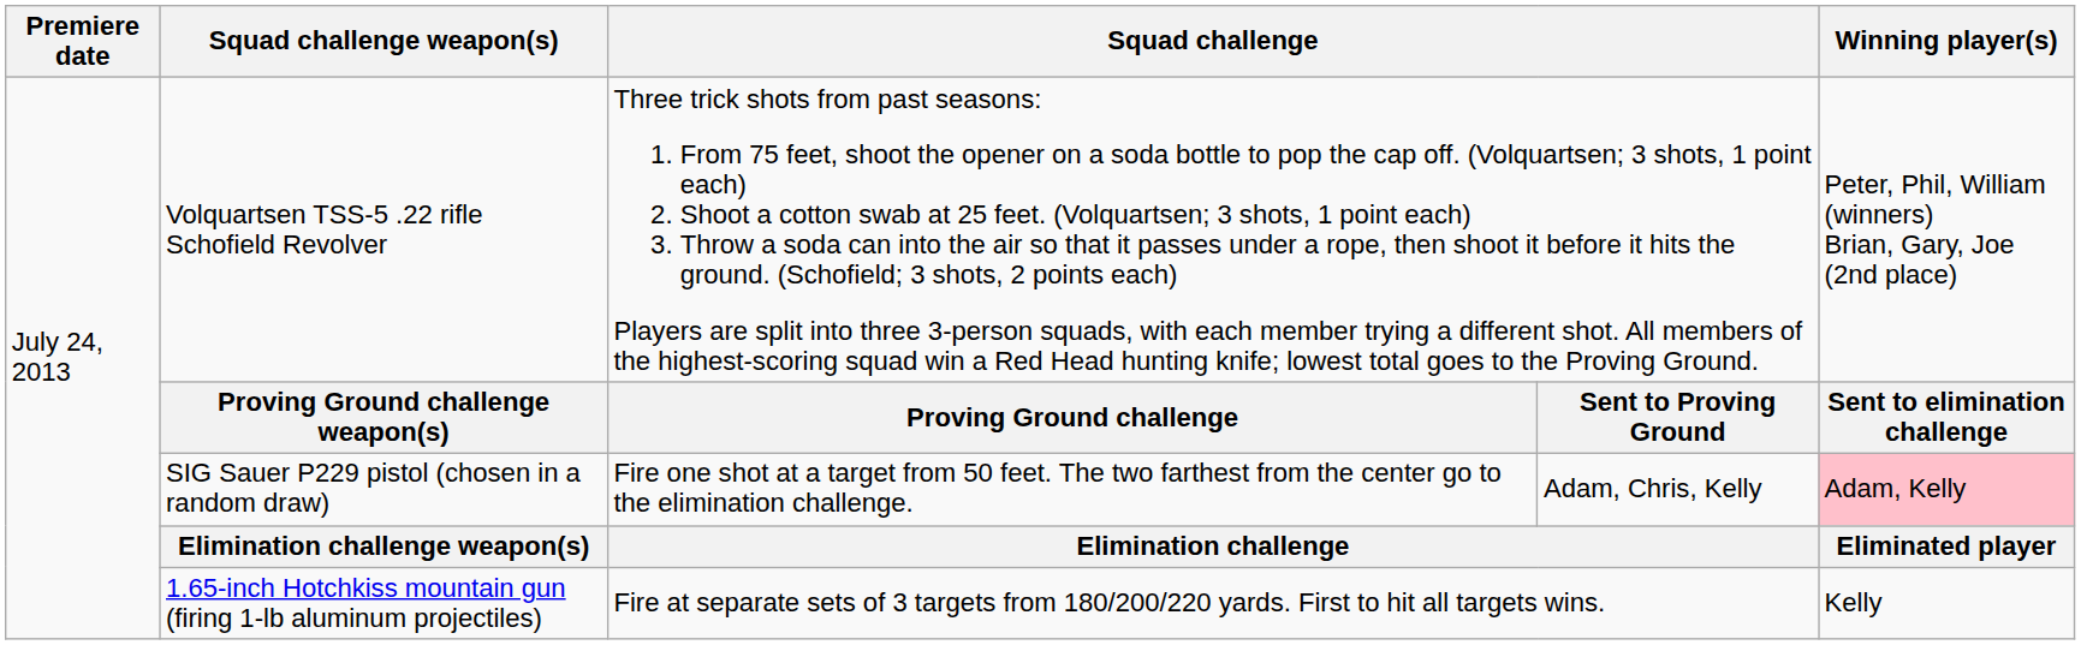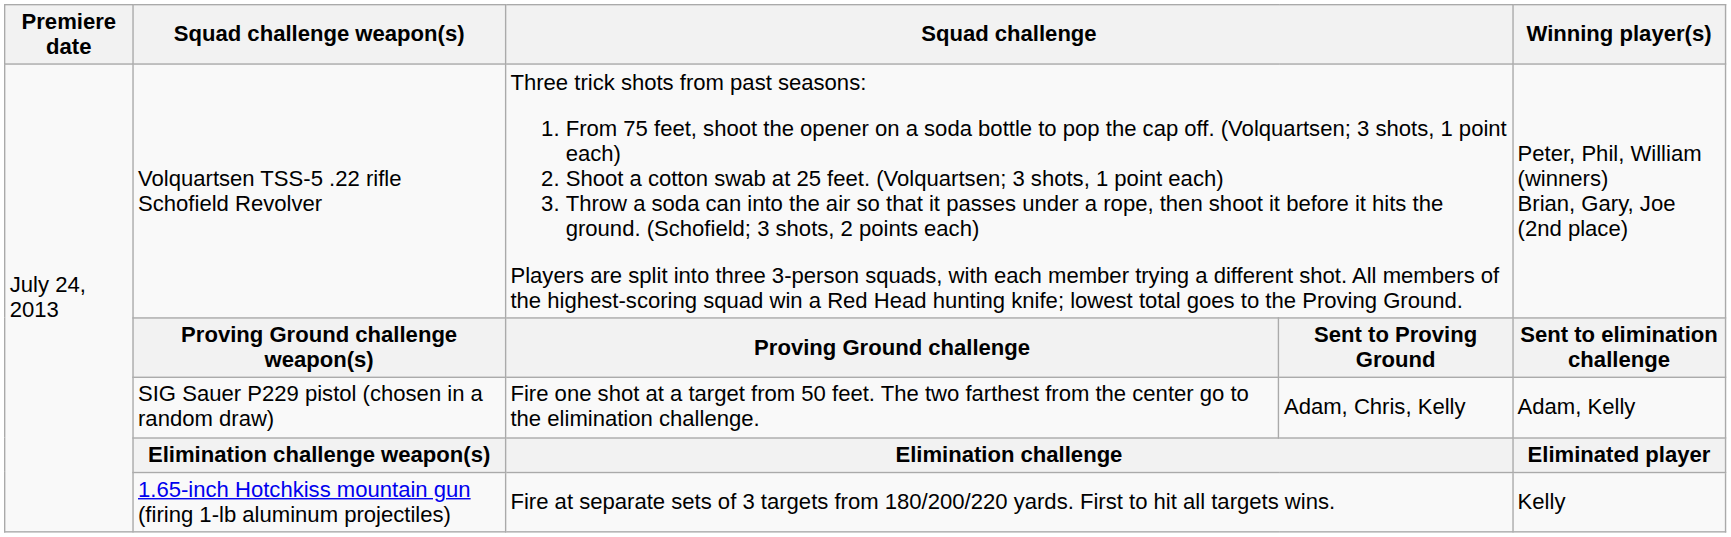 <table class="wikitable">
 <tr>
 <th>Premiere date</th>
 <th>Squad challenge weapon(s)</th>
 <th colspan="2">Squad challenge</th>
 <th>Winning player(s)</th>
 </tr>
 <tr>
 <td rowspan="5">July 24, 2013</td>
 <td>Volquartsen TSS-5 .22 rifle<br>Schofield Revolver</td>
 <td colspan="2">Three trick shots from past seasons:<br><ol><li>From 75 feet, shoot the opener on a soda bottle to pop the cap off. (Volquartsen; 3 shots, 1 point each)</li><li>Shoot a cotton swab at 25 feet. (Volquartsen; 3 shots, 1 point each)</li><li>Throw a soda can into the air so that it passes under a rope, then shoot it before it hits the ground. (Schofield; 3 shots, 2 points each)</li></ol>Players are split into three 3-person squads, with each member trying a different shot. All members of the highest-scoring squad win a Red Head hunting knife; lowest total goes to the Proving Ground.</td>
 <td>Peter, Phil, William (winners)<br>Brian, Gary, Joe (2nd place)</td>
 </tr>
 <tr>
 <th>Proving Ground challenge weapon(s)</th>
 <th>Proving Ground challenge</th>
 <th>Sent to Proving Ground</th>
 <th>Sent to elimination challenge</th>
 </tr>
 <tr>
 <td>SIG Sauer P229 pistol (chosen in a random draw)</td>
 <td>Fire one shot at a target from 50 feet. The two farthest from the center go to the elimination challenge.</td>
 <td>Adam, Chris, Kelly</td>
-<td style="background: pink;">Adam, Kelly</td>
+<td>Adam, Kelly</td>
 </tr>
 <tr>
 <th>Elimination challenge weapon(s)</th>
 <th colspan="2">Elimination challenge</th>
 <th>Eliminated player</th>
 </tr>
 <tr>
 <td><a href='#'>1.65-inch Hotchkiss mountain gun</a> (firing 1-lb aluminum projectiles)</td>
 <td colspan="2">Fire at separate sets of 3 targets from 180/200/220 yards. First to hit all targets wins.</td>
 <td>Kelly</td>
 </tr>
 </table>
